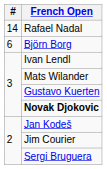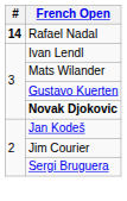 <table class="wikitable" style="display:inline-table;">
 <tr>
 <th width=20>#</th>
 <th><a href='#'>French Open</a></th>
 </tr>
 <tr>
-<td>14</td>
+<td><strong>14</strong></td>
 <td> Rafael Nadal</td>
-</tr>
-<tr>
-<td>6</td>
-<td> <a href='#'>Björn Borg</a></td>
 </tr>
 <tr>
 <td rowspan="4">3</td>
 <td> Ivan Lendl</td>
 </tr>
 <tr>
 <td> Mats Wilander</td>
 </tr>
 <tr>
 <td> <a href='#'>Gustavo Kuerten</a></td>
 </tr>
 <tr>
 <td><strong> Novak Djokovic</strong></td>
 </tr>
 <tr>
 <td rowspan="3">2</td>
 <td> <a href='#'>Jan Kodeš</a></td>
 </tr>
 <tr>
 <td> Jim Courier</td>
 </tr>
 <tr>
 <td> <a href='#'>Sergi Bruguera</a></td>
 </tr>
 </table>
